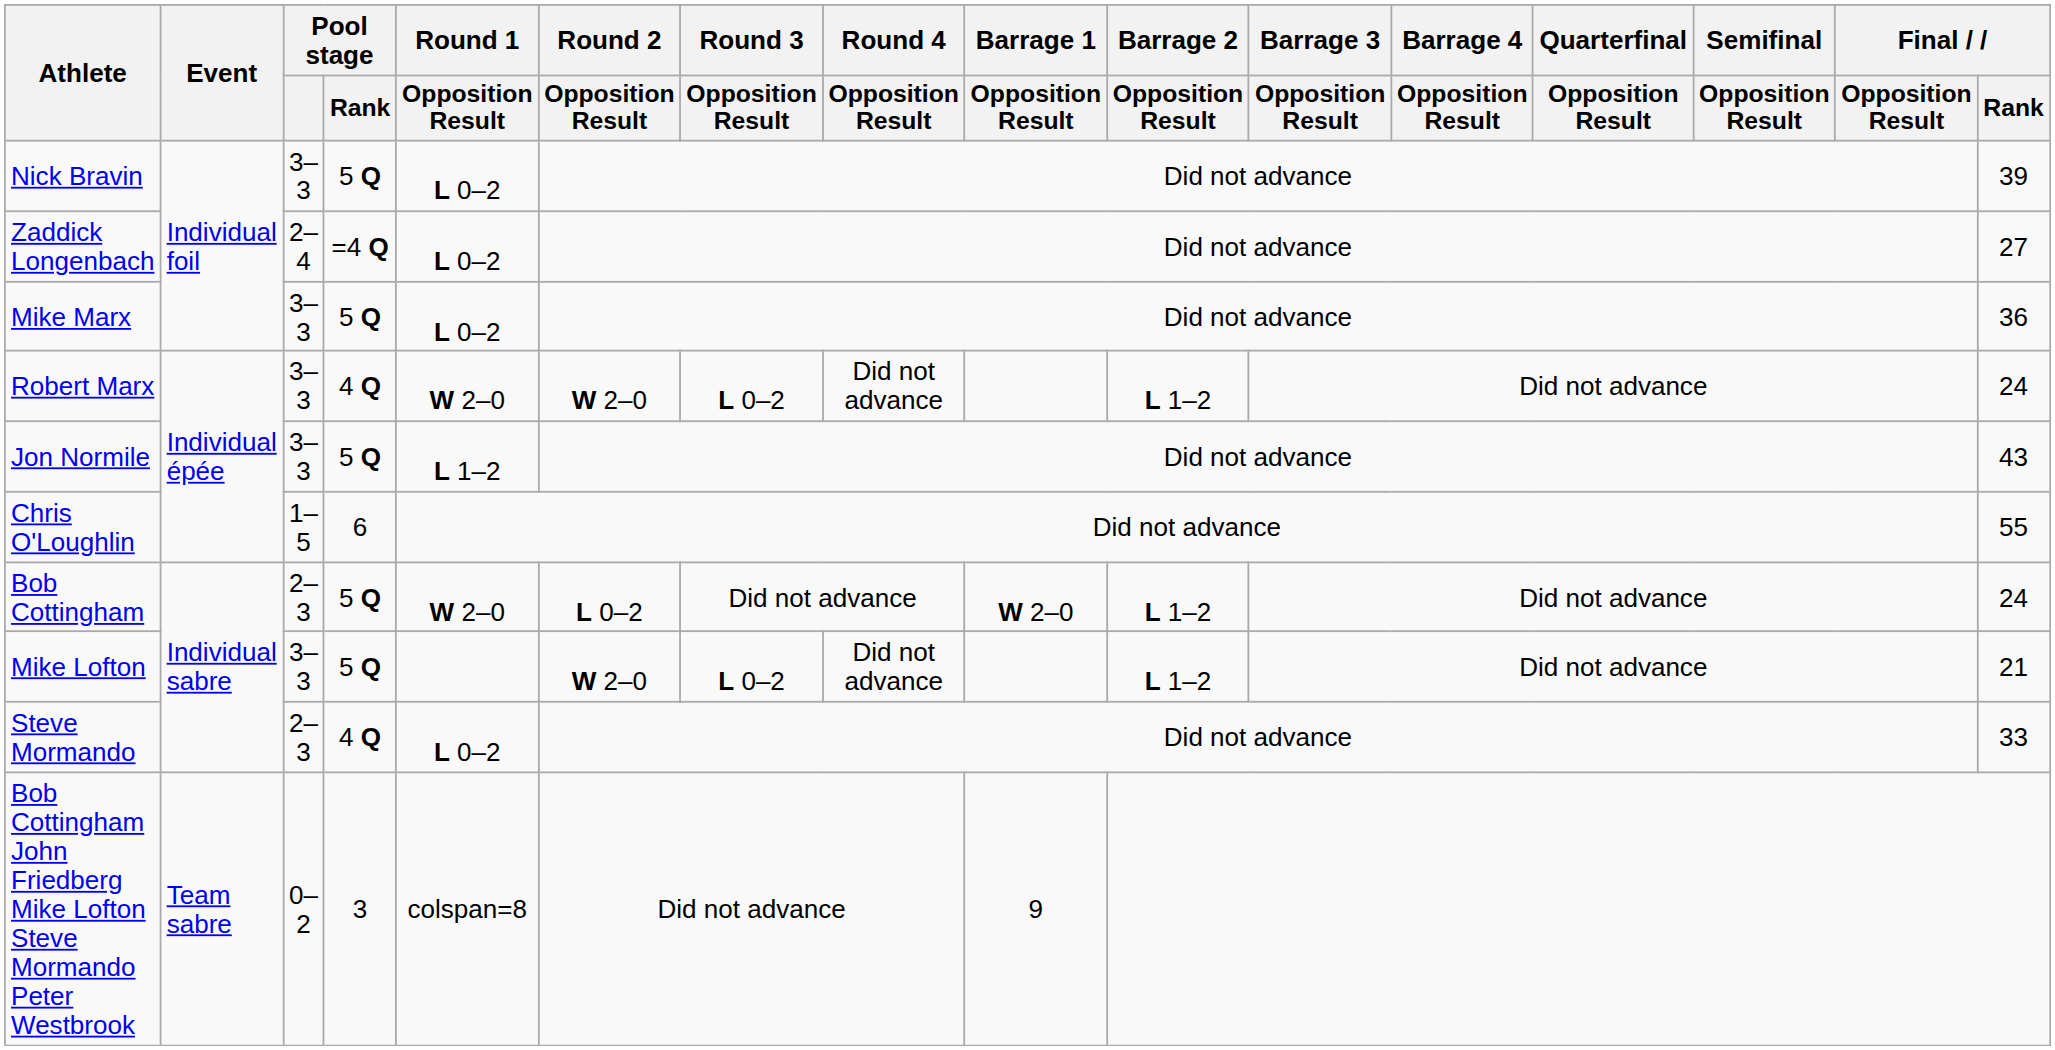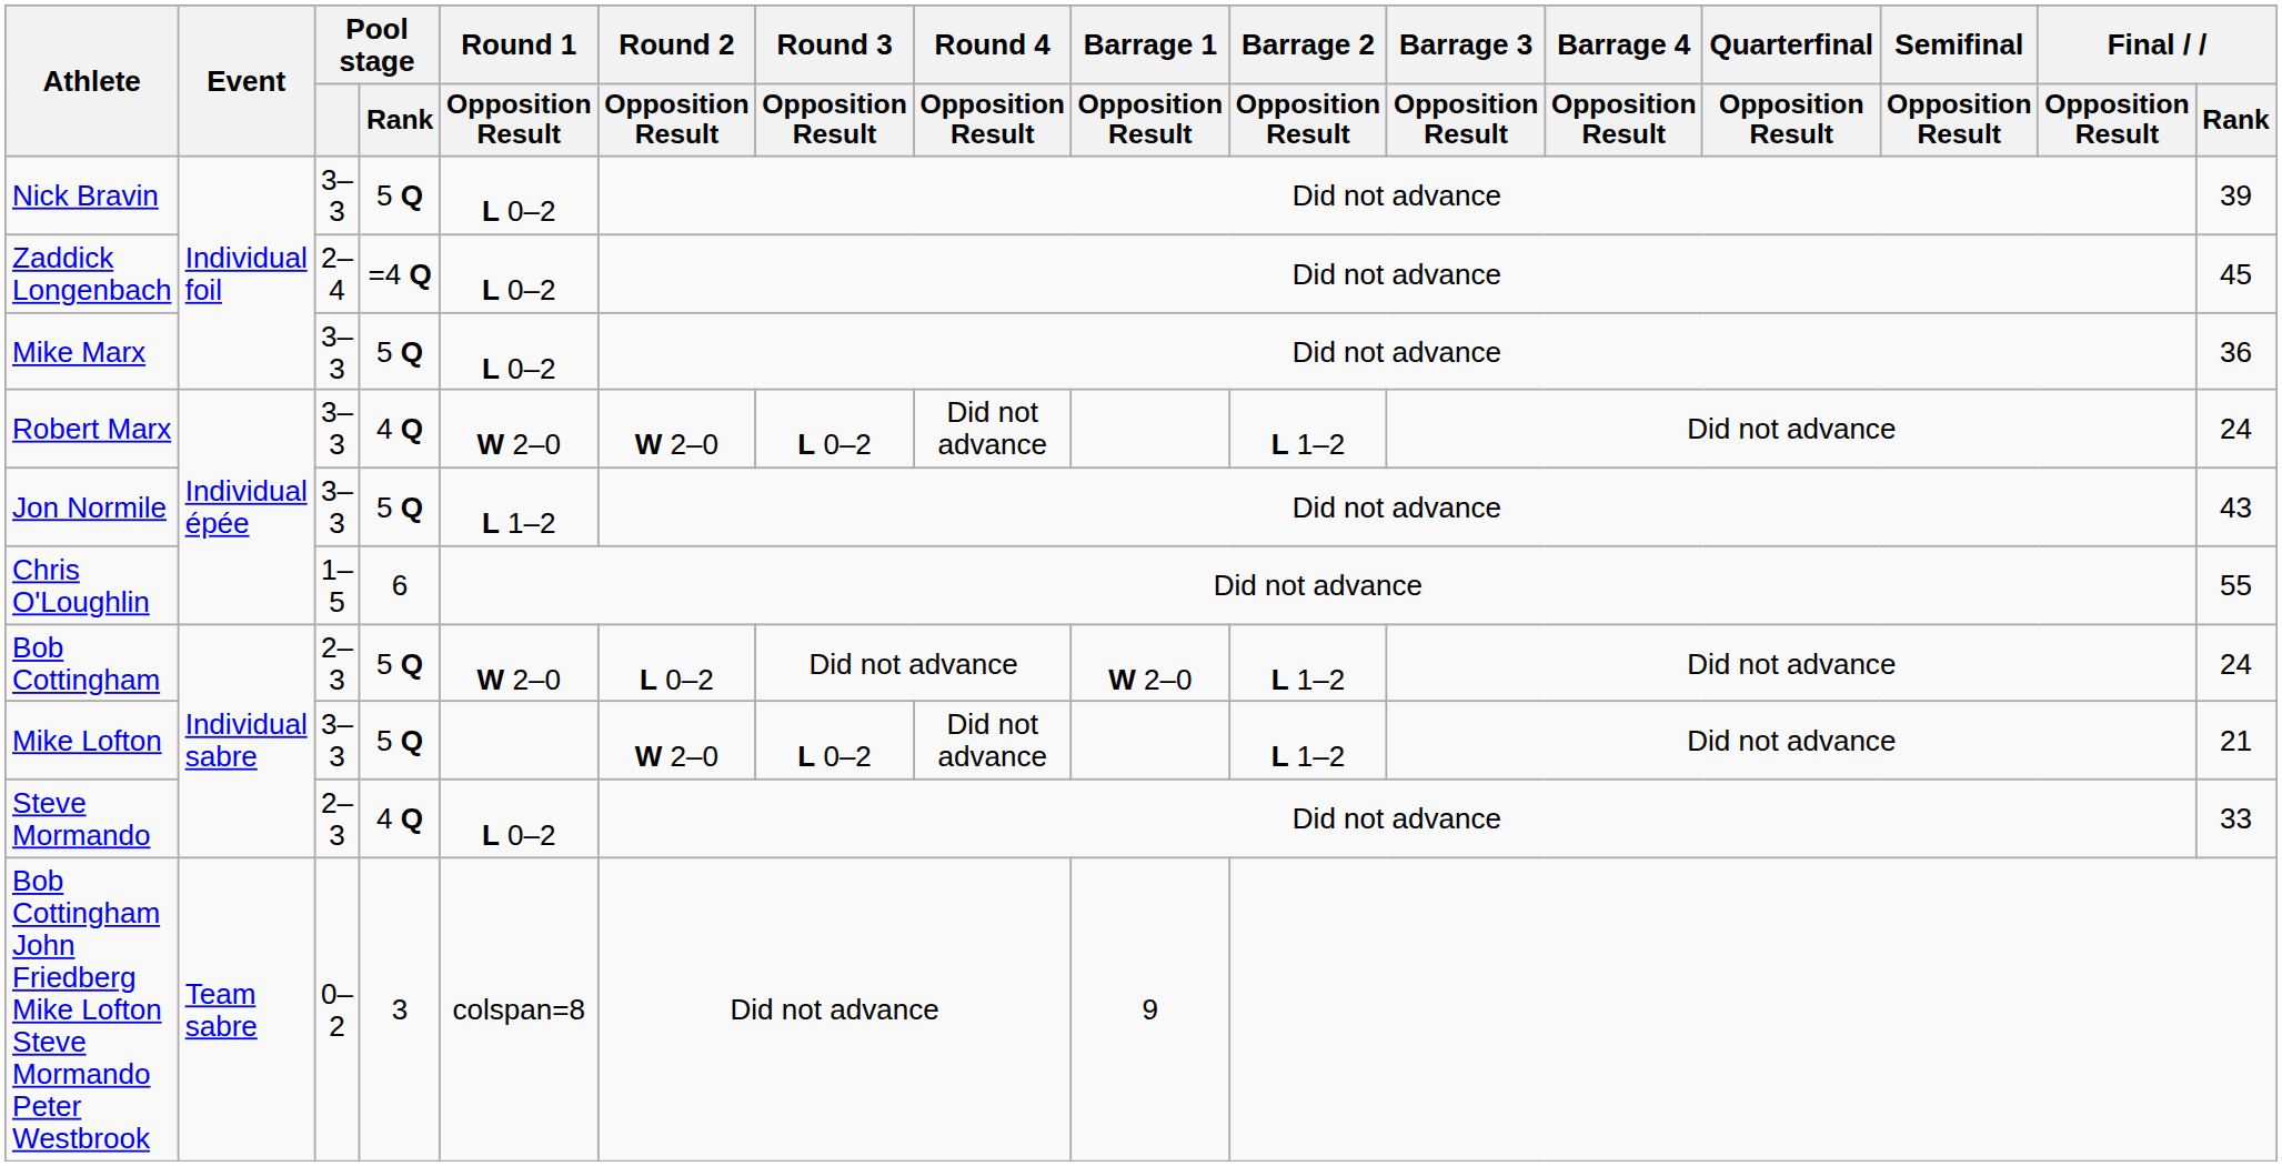 <table class=wikitable style=font-size:90%;text-align:center>
 <tr>
 <th rowspan=2>Athlete</th>
 <th rowspan=2>Event</th>
 <th colspan=2>Pool stage</th>
 <th>Round 1</th>
 <th>Round 2</th>
 <th>Round 3</th>
 <th>Round 4</th>
 <th>Barrage 1</th>
 <th>Barrage 2</th>
 <th>Barrage 3</th>
 <th>Barrage 4</th>
 <th>Quarterfinal</th>
 <th>Semifinal</th>
 <th colspan=2>Final /  / </th>
 </tr>
 <tr style=font-size:95%>
 <th></th>
 <th>Rank</th>
 <th>Opposition<br>Result</th>
 <th>Opposition<br>Result</th>
 <th>Opposition<br>Result</th>
 <th>Opposition<br>Result</th>
 <th>Opposition<br>Result</th>
 <th>Opposition<br>Result</th>
 <th>Opposition<br>Result</th>
 <th>Opposition<br>Result</th>
 <th>Opposition<br>Result</th>
 <th>Opposition<br>Result</th>
 <th>Opposition<br>Result</th>
 <th>Rank</th>
 </tr>
 <tr>
 <td align=left><a href='#'>Nick Bravin</a></td>
 <td align=left rowspan=3><a href='#'>Individual foil</a></td>
 <td>3–3</td>
 <td>5 <strong>Q</strong></td>
 <td><br><strong>L</strong> 0–2</td>
 <td colspan=10>Did not advance</td>
 <td>39</td>
 </tr>
 <tr>
 <td align=left><a href='#'>Zaddick Longenbach</a></td>
 <td>2–4</td>
 <td>=4 <strong>Q</strong></td>
 <td><br><strong>L</strong> 0–2</td>
 <td colspan=10>Did not advance</td>
-<td>27</td>
+<td>45</td>
 </tr>
 <tr>
 <td align=left><a href='#'>Mike Marx</a></td>
 <td>3–3</td>
 <td>5 <strong>Q</strong></td>
 <td><br><strong>L</strong> 0–2</td>
 <td colspan=10>Did not advance</td>
 <td>36</td>
 </tr>
 <tr>
 <td align=left><a href='#'>Robert Marx</a></td>
 <td align=left rowspan=3><a href='#'>Individual épée</a></td>
 <td>3–3</td>
 <td>4 <strong>Q</strong></td>
 <td><br><strong>W</strong> 2–0</td>
 <td><br><strong>W</strong> 2–0</td>
 <td><br><strong>L</strong> 0–2</td>
 <td>Did not advance</td>
 <td></td>
 <td><br><strong>L</strong> 1–2</td>
 <td colspan=5>Did not advance</td>
 <td>24</td>
 </tr>
 <tr>
 <td align=left><a href='#'>Jon Normile</a></td>
 <td>3–3</td>
 <td>5 <strong>Q</strong></td>
 <td><br><strong>L</strong> 1–2</td>
 <td colspan=10>Did not advance</td>
 <td>43</td>
 </tr>
 <tr>
 <td align=left><a href='#'>Chris O'Loughlin</a></td>
 <td>1–5</td>
 <td>6</td>
 <td colspan=11>Did not advance</td>
 <td>55</td>
 </tr>
 <tr>
 <td align=left><a href='#'>Bob Cottingham</a></td>
 <td align=left rowspan=3><a href='#'>Individual sabre</a></td>
 <td>2–3</td>
 <td>5 <strong>Q</strong></td>
 <td><br><strong>W</strong> 2–0</td>
 <td><br><strong>L</strong> 0–2</td>
 <td colspan=2>Did not advance</td>
 <td><br><strong>W</strong> 2–0</td>
 <td><br><strong>L</strong> 1–2</td>
 <td colspan=5>Did not advance</td>
 <td>24</td>
 </tr>
 <tr>
 <td align=left><a href='#'>Mike Lofton</a></td>
 <td>3–3</td>
 <td>5 <strong>Q</strong></td>
 <td></td>
 <td><br><strong>W</strong> 2–0</td>
 <td><br><strong>L</strong> 0–2</td>
 <td>Did not advance</td>
 <td></td>
 <td><br><strong>L</strong> 1–2</td>
 <td colspan=5>Did not advance</td>
 <td>21</td>
 </tr>
 <tr>
 <td align=left><a href='#'>Steve Mormando</a></td>
 <td>2–3</td>
 <td>4 <strong>Q</strong></td>
 <td><br><strong>L</strong> 0–2</td>
 <td colspan=10>Did not advance</td>
 <td>33</td>
 </tr>
 <tr>
 <td align=left><a href='#'>Bob Cottingham</a><br><a href='#'>John Friedberg</a><br><a href='#'>Mike Lofton</a><br><a href='#'>Steve Mormando</a><br><a href='#'>Peter Westbrook</a></td>
 <td align=left><a href='#'>Team sabre</a></td>
 <td>0–2</td>
 <td>3</td>
 <td>colspan=8 </td>
 <td colspan=3>Did not advance</td>
 <td>9</td>
 </tr>
 </table>
